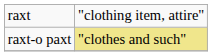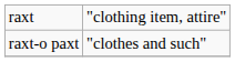 <table class=wikitable>
 <tr>
 <td>raxt</td>
 <td>"clothing item, attire"</td>
 </tr>
 <tr>
 <td>raxt-o paxt</td>
-<td style="background: khaki;">"clothes and such"</td>
+<td>"clothes and such"</td>
 </tr>
 <tr>
 </tr>
 </table>
